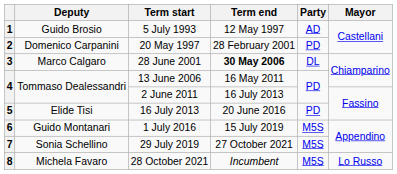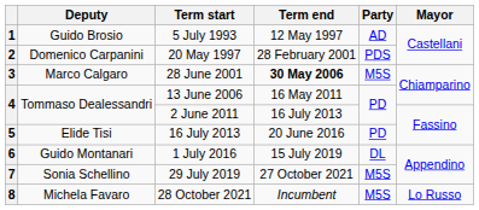 <table class="wikitable" style="text-align: center;">
 <tr>
 <th class=unsortable> </th>
 <th>Deputy</th>
 <th>Term start</th>
 <th>Term end</th>
 <th>Party</th>
 <th>Mayor</th>
 </tr>
 <tr>
 <th style="background:">1</th>
 <td>Guido Brosio</td>
 <td>5 July 1993</td>
 <td>12 May 1997</td>
 <td><a href='#'>AD</a></td>
 <td rowspan=2><a href='#'>Castellani</a></td>
 </tr>
 <tr>
 <th style="background:">2</th>
 <td>Domenico Carpanini</td>
 <td>20 May 1997</td>
 <td>28 February 2001</td>
-<td><a href='#'>PD</a></td>
+<td><a href='#'>PDS</a></td>
 </tr>
 <tr>
 <th style="background:">3</th>
 <td>Marco Calgaro</td>
 <td>28 June 2001</td>
 <td><strong>30 May 2006</strong></td>
-<td><a href='#'>DL</a></td>
+<td><a href='#'>M5S</a></td>
 <td rowspan=2><a href='#'>Chiamparino</a></td>
 </tr>
 <tr>
 <th rowspan=2 style="background:">4</th>
 <td rowspan=2>Tommaso Dealessandri</td>
 <td>13 June 2006</td>
 <td>16 May 2011</td>
 <td rowspan=2><a href='#'>PD</a></td>
 </tr>
 <tr>
 <td>2 June 2011</td>
 <td>16 July 2013</td>
 <td rowspan=2><a href='#'>Fassino</a></td>
 </tr>
 <tr>
 <th style="background:">5</th>
 <td>Elide Tisi</td>
 <td>16 July 2013</td>
 <td>20 June 2016</td>
 <td><a href='#'>PD</a></td>
 </tr>
 <tr>
 <th style="background:">6</th>
 <td>Guido Montanari</td>
 <td>1 July 2016</td>
 <td>15 July 2019</td>
-<td><a href='#'>M5S</a></td>
+<td><a href='#'>DL</a></td>
 <td rowspan=2><a href='#'>Appendino</a></td>
 </tr>
 <tr>
 <th style="background:">7</th>
 <td>Sonia Schellino</td>
 <td>29 July 2019</td>
 <td>27 October 2021</td>
 <td><a href='#'>M5S</a></td>
 </tr>
 <tr>
 <th style="background:">8</th>
 <td>Michela Favaro</td>
 <td>28 October 2021</td>
 <td><em>Incumbent</em></td>
 <td><a href='#'>M5S</a></td>
 <td><a href='#'>Lo Russo</a></td>
 </tr>
 </table>
